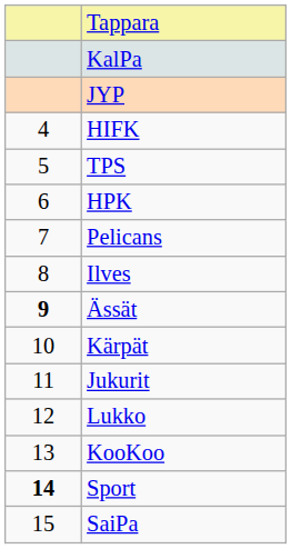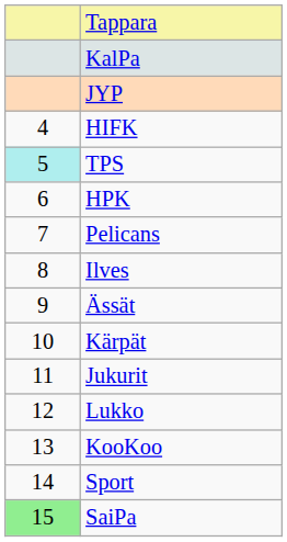 <table class="wikitable" style="width:200px;">
 <tr style="background:#F7F6A8;">
 <td align=center></td>
 <td><a href='#'>Tappara</a></td>
 </tr>
 <tr style="background:#DCE5E5;">
 <td align=center></td>
 <td><a href='#'>KalPa</a></td>
 </tr>
 <tr style="background:#FFDAB9;">
 <td align=center></td>
 <td><a href='#'>JYP</a></td>
 </tr>
 <tr>
 <td align=center>4</td>
 <td><a href='#'>HIFK</a></td>
 </tr>
 <tr>
-<td align=center>5</td>
+<td align=center style="background: paleturquoise;">5</td>
 <td><a href='#'>TPS</a></td>
 </tr>
 <tr>
 <td align=center>6</td>
 <td><a href='#'>HPK</a></td>
 </tr>
 <tr>
 <td align=center>7</td>
 <td><a href='#'>Pelicans</a></td>
 </tr>
 <tr>
 <td align=center>8</td>
 <td><a href='#'>Ilves</a></td>
 </tr>
 <tr>
-<td align=center><strong>9</strong></td>
+<td align=center>9</td>
 <td><a href='#'>Ässät</a></td>
 </tr>
 <tr>
 <td align=center>10</td>
 <td><a href='#'>Kärpät</a></td>
 </tr>
 <tr>
 <td align=center>11</td>
 <td><a href='#'>Jukurit</a></td>
 </tr>
 <tr>
 <td align=center>12</td>
 <td><a href='#'>Lukko</a></td>
 </tr>
 <tr>
 <td align=center>13</td>
 <td><a href='#'>KooKoo</a></td>
 </tr>
 <tr>
-<td align=center><strong>14</strong></td>
+<td align=center>14</td>
 <td><a href='#'>Sport</a></td>
 </tr>
 <tr>
-<td align=center>15</td>
+<td align=center style="background: lightgreen;">15</td>
 <td><a href='#'>SaiPa</a></td>
 </tr>
 </table>
